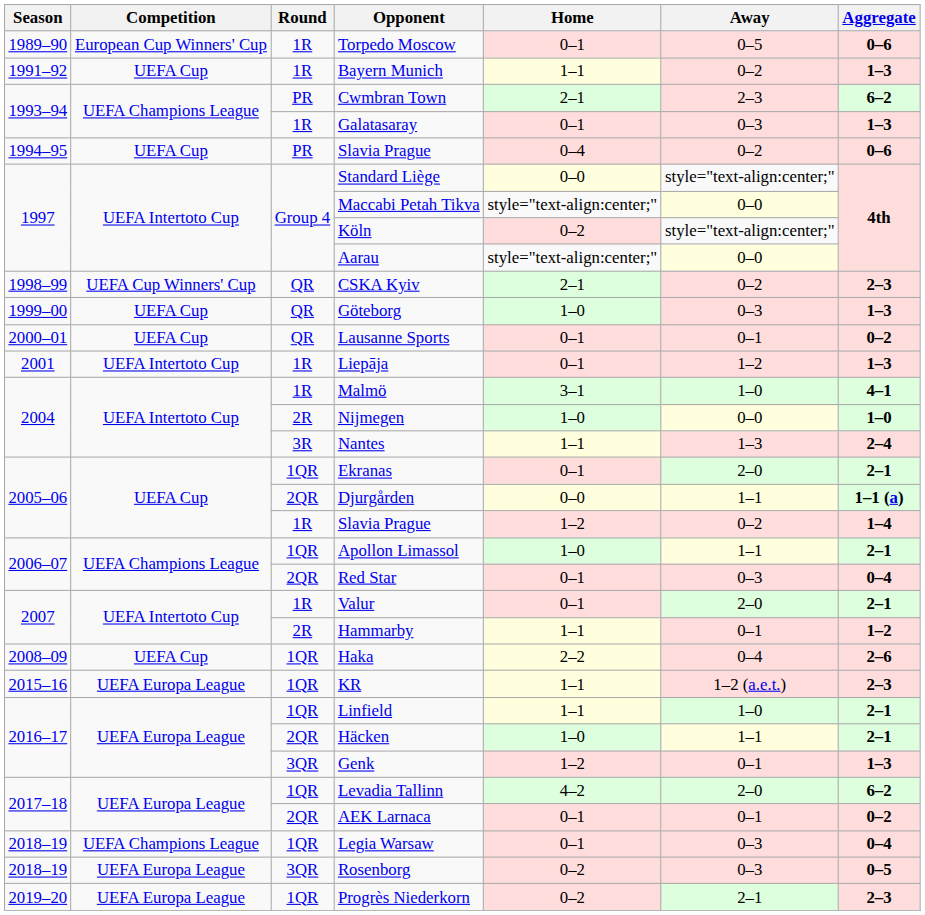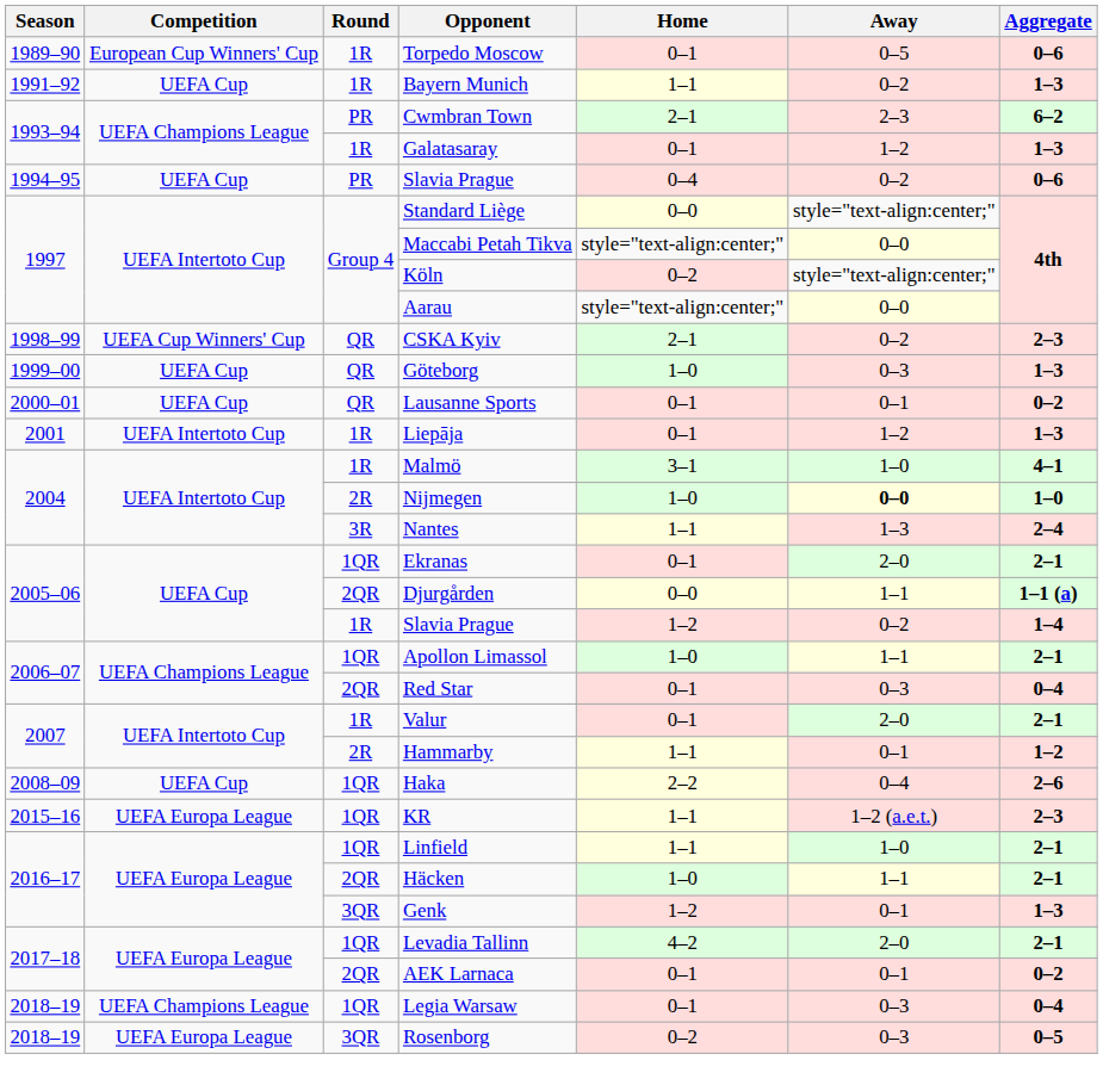 <table class="wikitable" style="font-size:100%; text-align: center;">
 <tr>
 <th>Season</th>
 <th>Competition</th>
 <th>Round</th>
 <th>Opponent</th>
 <th>Home</th>
 <th>Away</th>
 <th><a href='#'>Aggregate</a></th>
 </tr>
 <tr>
 <td><a href='#'>1989–90</a></td>
 <td><a href='#'>European Cup Winners' Cup</a></td>
 <td><a href='#'>1R</a></td>
 <td align="left"> <a href='#'>Torpedo Moscow</a></td>
 <td style="background:#fdd; text-align:center;">0–1</td>
 <td style="background:#fdd; text-align:center;">0–5</td>
 <td style="background:#fdd; text-align:center;"><strong>0–6</strong></td>
 </tr>
 <tr>
 <td><a href='#'>1991–92</a></td>
 <td><a href='#'>UEFA Cup</a></td>
 <td><a href='#'>1R</a></td>
 <td align="left"> <a href='#'>Bayern Munich</a></td>
 <td style="background:#ffd; text-align:center;">1–1</td>
 <td style="background:#fdd; text-align:center;">0–2</td>
 <td style="background:#fdd; text-align:center;"><strong>1–3</strong></td>
 </tr>
 <tr>
 <td rowspan="2"><a href='#'>1993–94</a></td>
 <td rowspan="2"><a href='#'>UEFA Champions League</a></td>
 <td><a href='#'>PR</a></td>
 <td align="left"> <a href='#'>Cwmbran Town</a></td>
 <td style="background:#dfd; text-align:center;">2–1</td>
 <td style="background:#fdd; text-align:center;">2–3</td>
 <td style="background:#dfd; text-align:center;"><strong>6–2</strong></td>
 </tr>
 <tr>
 <td><a href='#'>1R</a></td>
 <td align="left"> <a href='#'>Galatasaray</a></td>
 <td style="background:#fdd; text-align:center;">0–1</td>
-<td style="background:#fdd; text-align:center;">0–3</td>
+<td style="background:#fdd; text-align:center;">1–2</td>
 <td style="background:#fdd; text-align:center;"><strong>1–3</strong></td>
 </tr>
 <tr>
 <td><a href='#'>1994–95</a></td>
 <td><a href='#'>UEFA Cup</a></td>
 <td><a href='#'>PR</a></td>
 <td align="left"> <a href='#'>Slavia Prague</a></td>
 <td style="background:#fdd; text-align:center;">0–4</td>
 <td style="background:#fdd; text-align:center;">0–2</td>
 <td style="background:#fdd; text-align:center;"><strong>0–6</strong></td>
 </tr>
 <tr>
 <td rowspan="4"><a href='#'>1997</a></td>
 <td rowspan="4"><a href='#'>UEFA Intertoto Cup</a></td>
 <td rowspan="4"><a href='#'>Group 4</a></td>
 <td align="left"> <a href='#'>Standard Liège</a></td>
 <td style="background:#ffd; text-align:center;">0–0</td>
 <td>style="text-align:center;" </td>
 <td rowspan=4 style="background:#fdd; text-align:center;"><strong>4th</strong></td>
 </tr>
 <tr>
 <td align="left"> <a href='#'>Maccabi Petah Tikva</a></td>
 <td>style="text-align:center;" </td>
 <td style="background:#ffd; text-align:center;">0–0</td>
 </tr>
 <tr>
 <td align="left"> <a href='#'>Köln</a></td>
 <td style="background:#fdd; text-align:center;">0–2</td>
 <td>style="text-align:center;" </td>
 </tr>
 <tr>
 <td align="left"> <a href='#'>Aarau</a></td>
 <td>style="text-align:center;" </td>
 <td style="background:#ffd; text-align:center;">0–0</td>
 </tr>
 <tr>
 <td><a href='#'>1998–99</a></td>
 <td><a href='#'>UEFA Cup Winners' Cup</a></td>
 <td><a href='#'>QR</a></td>
 <td align="left"> <a href='#'>CSKA Kyiv</a></td>
 <td style="background:#dfd; text-align:center;">2–1</td>
 <td style="background:#fdd; text-align:center;">0–2</td>
 <td style="background:#fdd; text-align:center;"><strong>2–3</strong></td>
 </tr>
 <tr>
 <td><a href='#'>1999–00</a></td>
 <td><a href='#'>UEFA Cup</a></td>
 <td><a href='#'>QR</a></td>
 <td align="left"> <a href='#'>Göteborg</a></td>
 <td style="background:#dfd; text-align:center;">1–0</td>
 <td style="background:#fdd; text-align:center;">0–3</td>
 <td style="background:#fdd; text-align:center;"><strong>1–3</strong></td>
 </tr>
 <tr>
 <td><a href='#'>2000–01</a></td>
 <td><a href='#'>UEFA Cup</a></td>
 <td><a href='#'>QR</a></td>
 <td align="left"> <a href='#'>Lausanne Sports</a></td>
 <td style="background:#fdd; text-align:center;">0–1</td>
 <td style="background:#fdd; text-align:center;">0–1</td>
 <td style="background:#fdd; text-align:center;"><strong>0–2</strong></td>
 </tr>
 <tr>
 <td><a href='#'>2001</a></td>
 <td><a href='#'>UEFA Intertoto Cup</a></td>
 <td><a href='#'>1R</a></td>
 <td align="left"> <a href='#'>Liepāja</a></td>
 <td style="background:#fdd; text-align:center;">0–1</td>
 <td style="background:#fdd; text-align:center;">1–2</td>
 <td style="background:#fdd; text-align:center;"><strong>1–3</strong></td>
 </tr>
 <tr>
 <td rowspan="3"><a href='#'>2004</a></td>
 <td rowspan="3"><a href='#'>UEFA Intertoto Cup</a></td>
 <td><a href='#'>1R</a></td>
 <td align="left"> <a href='#'>Malmö</a></td>
 <td style="background:#dfd; text-align:center;">3–1</td>
 <td style="background:#dfd; text-align:center;">1–0</td>
 <td style="background:#dfd; text-align:center;"><strong>4–1</strong></td>
 </tr>
 <tr>
 <td><a href='#'>2R</a></td>
 <td align="left"> <a href='#'>Nijmegen</a></td>
 <td style="background:#dfd; text-align:center;">1–0</td>
-<td style="background:#ffd; text-align:center;">0–0</td>
+<td style="background:#ffd; text-align:center;"><strong>0–0</strong></td>
 <td style="background:#dfd; text-align:center;"><strong>1–0</strong></td>
 </tr>
 <tr>
 <td><a href='#'>3R</a></td>
 <td align="left"> <a href='#'>Nantes</a></td>
 <td style="background:#ffd; text-align:center;">1–1</td>
 <td style="background:#fdd; text-align:center;">1–3</td>
 <td style="background:#fdd; text-align:center;"><strong>2–4</strong></td>
 </tr>
 <tr>
 <td rowspan="3"><a href='#'>2005–06</a></td>
 <td rowspan="3"><a href='#'>UEFA Cup</a></td>
 <td><a href='#'>1QR</a></td>
 <td align="left"> <a href='#'>Ekranas</a></td>
 <td style="background:#fdd; text-align:center;">0–1</td>
 <td style="background:#dfd; text-align:center;">2–0</td>
 <td style="background:#dfd; text-align:center;"><strong>2–1</strong></td>
 </tr>
 <tr>
 <td><a href='#'>2QR</a></td>
 <td align="left"> <a href='#'>Djurgården</a></td>
 <td style="background:#ffd; text-align:center;">0–0</td>
 <td style="background:#ffd; text-align:center;">1–1</td>
 <td style="background:#dfd; text-align:center;"><strong>1–1 (<a href='#'>a</a>)</strong></td>
 </tr>
 <tr>
 <td><a href='#'>1R</a></td>
 <td align="left"> <a href='#'>Slavia Prague</a></td>
 <td style="background:#fdd; text-align:center;">1–2</td>
 <td style="background:#fdd; text-align:center;">0–2</td>
 <td style="background:#fdd; text-align:center;"><strong>1–4</strong></td>
 </tr>
 <tr>
 <td rowspan="2"><a href='#'>2006–07</a></td>
 <td rowspan="2"><a href='#'>UEFA Champions League</a></td>
 <td><a href='#'>1QR</a></td>
 <td align="left"> <a href='#'>Apollon Limassol</a></td>
 <td style="background:#dfd; text-align:center;">1–0</td>
 <td style="background:#ffd; text-align:center;">1–1</td>
 <td style="background:#dfd; text-align:center;"><strong>2–1</strong></td>
 </tr>
 <tr>
 <td><a href='#'>2QR</a></td>
 <td align="left"> <a href='#'>Red Star</a></td>
 <td style="background:#fdd; text-align:center;">0–1</td>
 <td style="background:#fdd; text-align:center;">0–3</td>
 <td style="background:#fdd; text-align:center;"><strong>0–4</strong></td>
 </tr>
 <tr>
 <td rowspan="2"><a href='#'>2007</a></td>
 <td rowspan="2"><a href='#'>UEFA Intertoto Cup</a></td>
 <td><a href='#'>1R</a></td>
 <td align="left"> <a href='#'>Valur</a></td>
 <td style="background:#fdd; text-align:center;">0–1</td>
 <td style="background:#dfd; text-align:center;">2–0</td>
 <td style="background:#dfd; text-align:center;"><strong>2–1</strong></td>
 </tr>
 <tr>
 <td><a href='#'>2R</a></td>
 <td align="left"> <a href='#'>Hammarby</a></td>
 <td style="background:#ffd; text-align:center;">1–1</td>
 <td style="background:#fdd; text-align:center;">0–1</td>
 <td style="background:#fdd; text-align:center;"><strong>1–2</strong></td>
 </tr>
 <tr>
 <td><a href='#'>2008–09</a></td>
 <td><a href='#'>UEFA Cup</a></td>
 <td><a href='#'>1QR</a></td>
 <td align="left"> <a href='#'>Haka</a></td>
 <td style="background:#ffd; text-align:center;">2–2</td>
 <td style="background:#fdd; text-align:center;">0–4</td>
 <td style="background:#fdd; text-align:center;"><strong>2–6</strong></td>
 </tr>
 <tr>
 <td><a href='#'>2015–16</a></td>
 <td><a href='#'>UEFA Europa League</a></td>
 <td><a href='#'>1QR</a></td>
 <td align="left"> <a href='#'>KR</a></td>
 <td style="background:#ffd; text-align:center;">1–1</td>
 <td style="background:#fdd; text-align:center;">1–2 (<a href='#'>a.e.t.</a>)</td>
 <td style="background:#fdd; text-align:center;"><strong>2–3</strong></td>
 </tr>
 <tr>
 <td rowspan="3"><a href='#'>2016–17</a></td>
 <td rowspan="3"><a href='#'>UEFA Europa League</a></td>
 <td><a href='#'>1QR</a></td>
 <td align="left"> <a href='#'>Linfield</a></td>
 <td style="background:#ffd; text-align:center;">1–1</td>
 <td style="background:#dfd; text-align:center;">1–0</td>
 <td style="background:#dfd; text-align:center;"><strong>2–1</strong></td>
 </tr>
 <tr>
 <td><a href='#'>2QR</a></td>
 <td align="left"> <a href='#'>Häcken</a></td>
 <td style="background:#dfd; text-align:center;">1–0</td>
 <td style="background:#ffd; text-align:center;">1–1</td>
 <td style="background:#dfd; text-align:center;"><strong>2–1</strong></td>
 </tr>
 <tr>
 <td><a href='#'>3QR</a></td>
 <td align="left"> <a href='#'>Genk</a></td>
 <td style="background:#fdd; text-align:center;">1–2</td>
 <td style="background:#fdd; text-align:center;">0–1</td>
 <td style="background:#fdd; text-align:center;"><strong>1–3</strong></td>
 </tr>
 <tr>
 <td rowspan="2"><a href='#'>2017–18</a></td>
 <td rowspan="2"><a href='#'>UEFA Europa League</a></td>
 <td><a href='#'>1QR</a></td>
 <td align="left"> <a href='#'>Levadia Tallinn</a></td>
 <td style="background:#dfd; text-align:center;">4–2</td>
 <td style="background:#dfd; text-align:center;">2–0</td>
-<td style="background:#dfd; text-align:center;"><strong>6–2</strong></td>
+<td style="background:#dfd; text-align:center;"><strong>2–1</strong></td>
 </tr>
 <tr>
 <td><a href='#'>2QR</a></td>
 <td align="left"> <a href='#'>AEK Larnaca</a></td>
 <td style="background:#fdd; text-align:center;">0–1</td>
 <td style="background:#fdd; text-align:center;">0–1</td>
 <td style="background:#fdd; text-align:center;"><strong>0–2</strong></td>
 </tr>
 <tr>
 <td><a href='#'>2018–19</a></td>
 <td><a href='#'>UEFA Champions League</a></td>
 <td><a href='#'>1QR</a></td>
 <td align="left"> <a href='#'>Legia Warsaw</a></td>
 <td style="background:#fdd; text-align:center;">0–1</td>
 <td style="background:#fdd; text-align:center;">0–3</td>
 <td style="background:#fdd; text-align:center;"><strong>0–4</strong></td>
 </tr>
 <tr>
 <td><a href='#'>2018–19</a></td>
 <td><a href='#'>UEFA Europa League</a></td>
 <td><a href='#'>3QR</a></td>
 <td align="left"> <a href='#'>Rosenborg</a></td>
 <td style="background:#fdd; text-align:center;">0–2</td>
 <td style="background:#fdd; text-align:center;">0–3</td>
 <td style="background:#fdd; text-align:center;"><strong>0–5</strong></td>
 </tr>
-<tr>
-<td><a href='#'>2019–20</a></td>
-<td><a href='#'>UEFA Europa League</a></td>
-<td><a href='#'>1QR</a></td>
-<td align="left"> <a href='#'>Progrès Niederkorn</a></td>
-<td style="background:#fdd; text-align:center;">0–2</td>
-<td style="background:#dfd; text-align:center;">2–1</td>
-<td style="background:#fdd; text-align:center;"><strong>2–3</strong></td>
-</tr>
 </table>
